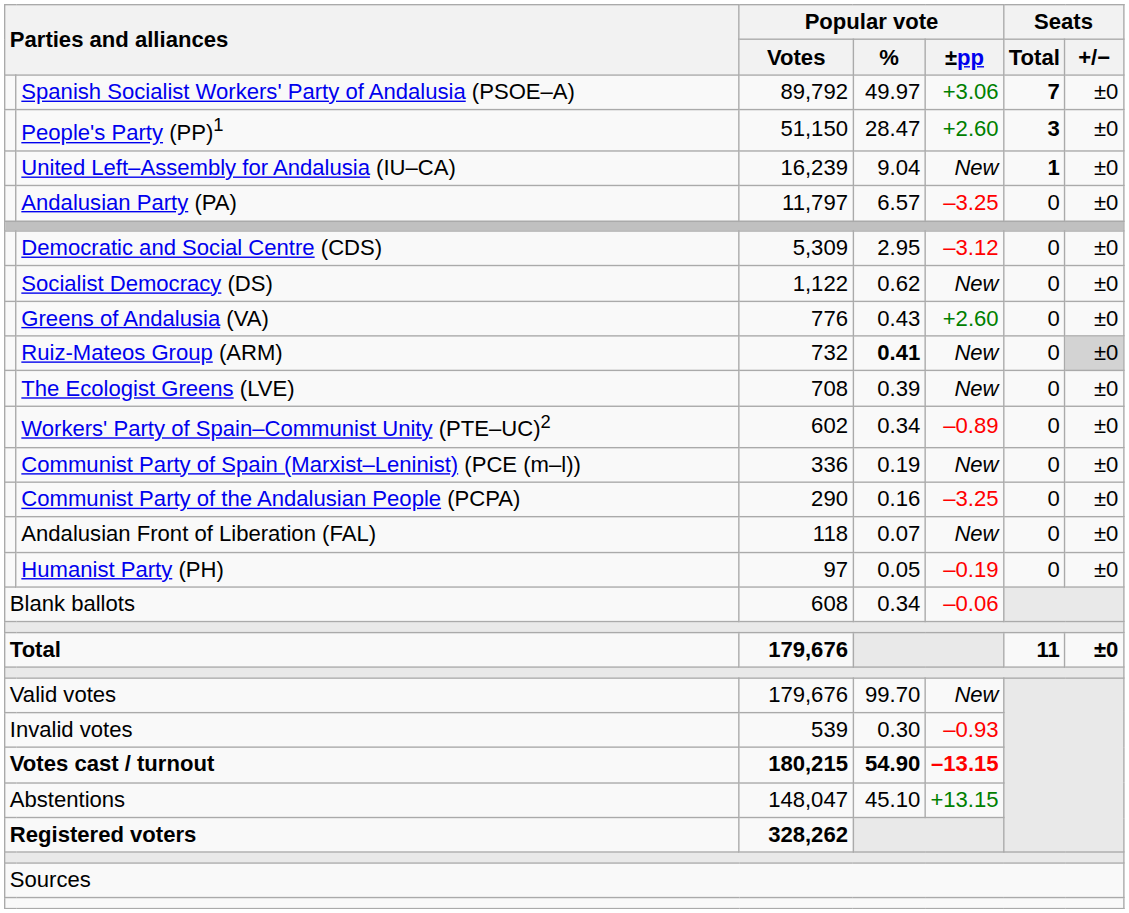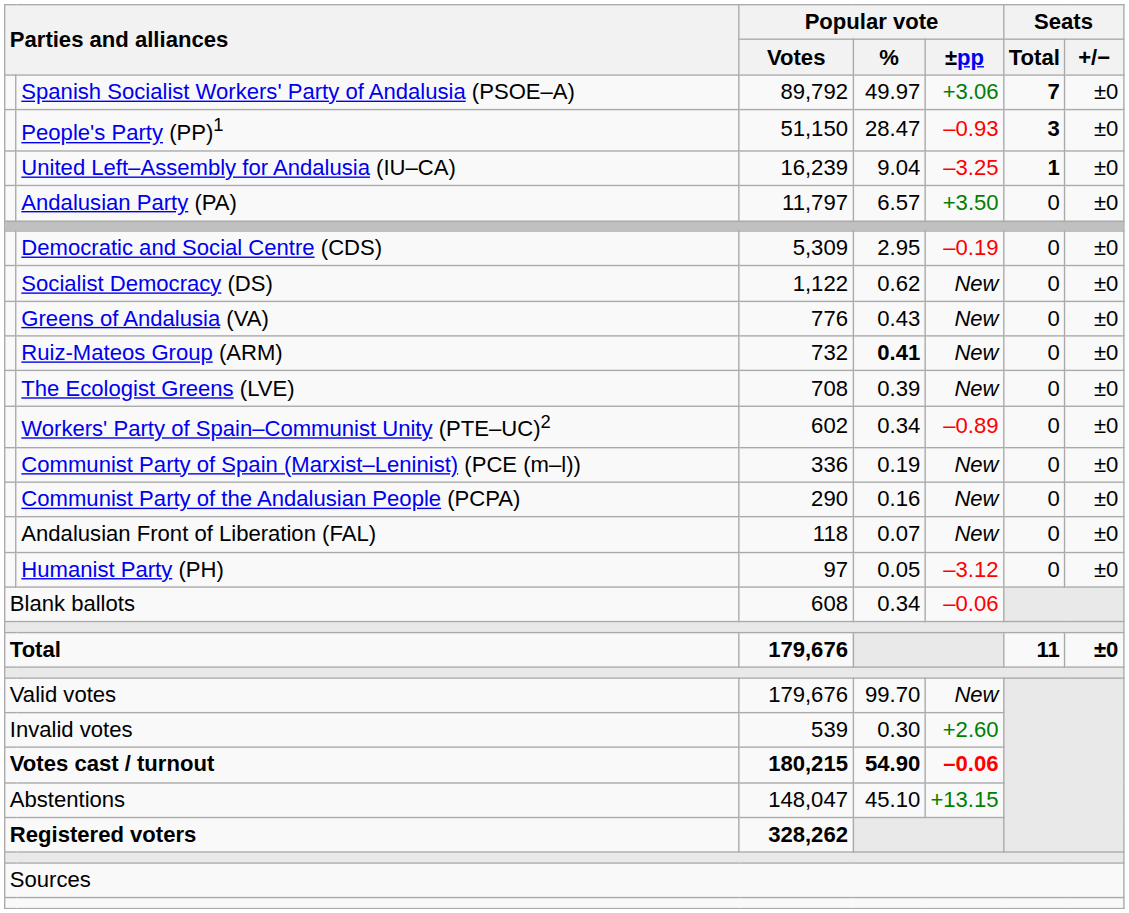 <table class="wikitable" style="text-align:right;">
 <tr>
 <th style="text-align:left;" rowspan="2" colspan="2" width="525">Parties and alliances</th>
 <th colspan="3">Popular vote</th>
 <th colspan="2">Seats</th>
 </tr>
 <tr>
 <th width="75">Votes</th>
 <th width="45">%</th>
 <th width="45">±<a href='#'>pp</a></th>
 <th width="35">Total</th>
 <th width="35">+/−</th>
 </tr>
 <tr>
 <td width="1" style="color:inherit;background:"></td>
 <td align="left"><a href='#'>Spanish Socialist Workers' Party of Andalusia</a> (PSOE–A)</td>
 <td>89,792</td>
 <td>49.97</td>
 <td style="color:green;">+3.06</td>
 <td><strong>7</strong></td>
 <td>±0</td>
 </tr>
 <tr>
 <td style="color:inherit;background:"></td>
 <td align="left"><a href='#'>People's Party</a> (PP)<sup>1</sup></td>
 <td>51,150</td>
 <td>28.47</td>
-<td style="color:green;">+2.60</td>
+<td style="color:red;">–0.93</td>
 <td><strong>3</strong></td>
 <td>±0</td>
 </tr>
 <tr>
 <td style="color:inherit;background:"></td>
 <td align="left"><a href='#'>United Left–Assembly for Andalusia</a> (IU–CA)</td>
 <td>16,239</td>
 <td>9.04</td>
-<td><em>New</em></td>
+<td style="color:red;">–3.25</td>
 <td><strong>1</strong></td>
 <td>±0</td>
 </tr>
 <tr>
 <td style="color:inherit;background:"></td>
 <td align="left"><a href='#'>Andalusian Party</a> (PA)</td>
 <td>11,797</td>
 <td>6.57</td>
-<td style="color:red;">–3.25</td>
+<td style="color:green;">+3.50</td>
 <td>0</td>
 <td>±0</td>
 </tr>
 <tr>
 <td colspan="7" bgcolor="#C0C0C0"></td>
 </tr>
 <tr>
 <td style="color:inherit;background:"></td>
 <td align="left"><a href='#'>Democratic and Social Centre</a> (CDS)</td>
 <td>5,309</td>
 <td>2.95</td>
-<td style="color:red;">–3.12</td>
+<td style="color:red;">–0.19</td>
 <td>0</td>
 <td>±0</td>
 </tr>
 <tr>
 <td style="color:inherit;background:"></td>
 <td align="left"><a href='#'>Socialist Democracy</a> (DS)</td>
 <td>1,122</td>
 <td>0.62</td>
 <td><em>New</em></td>
 <td>0</td>
 <td>±0</td>
 </tr>
 <tr>
 <td style="color:inherit;background:"></td>
 <td align="left"><a href='#'>Greens of Andalusia</a> (VA)</td>
 <td>776</td>
 <td>0.43</td>
-<td style="color:green;">+2.60</td>
+<td><em>New</em></td>
 <td>0</td>
 <td>±0</td>
 </tr>
 <tr>
 <td style="color:inherit;background:"></td>
 <td align="left"><a href='#'>Ruiz-Mateos Group</a> (ARM)</td>
 <td>732</td>
 <td><strong>0.41</strong></td>
 <td><em>New</em></td>
 <td>0</td>
-<td style="background: lightgrey;">±0</td>
+<td>±0</td>
 </tr>
 <tr>
 <td style="color:inherit;background:"></td>
 <td align="left"><a href='#'>The Ecologist Greens</a> (LVE)</td>
 <td>708</td>
 <td>0.39</td>
 <td><em>New</em></td>
 <td>0</td>
 <td>±0</td>
 </tr>
 <tr>
 <td style="color:inherit;background:"></td>
 <td align="left"><a href='#'>Workers' Party of Spain–Communist Unity</a> (PTE–UC)<sup>2</sup></td>
 <td>602</td>
 <td>0.34</td>
 <td style="color:red;">–0.89</td>
 <td>0</td>
 <td>±0</td>
 </tr>
 <tr>
 <td style="color:inherit;background:"></td>
 <td align="left"><a href='#'>Communist Party of Spain (Marxist–Leninist)</a> (PCE (m–l))</td>
 <td>336</td>
 <td>0.19</td>
 <td><em>New</em></td>
 <td>0</td>
 <td>±0</td>
 </tr>
 <tr>
 <td style="color:inherit;background:"></td>
 <td align="left"><a href='#'>Communist Party of the Andalusian People</a> (PCPA)</td>
 <td>290</td>
 <td>0.16</td>
-<td style="color:red;">–3.25</td>
+<td><em>New</em></td>
 <td>0</td>
 <td>±0</td>
 </tr>
 <tr>
 <td style="color:inherit;background:"></td>
 <td align="left">Andalusian Front of Liberation (FAL)</td>
 <td>118</td>
 <td>0.07</td>
 <td><em>New</em></td>
 <td>0</td>
 <td>±0</td>
 </tr>
 <tr>
 <td style="color:inherit;background:"></td>
 <td align="left"><a href='#'>Humanist Party</a> (PH)</td>
 <td>97</td>
 <td>0.05</td>
-<td style="color:red;">–0.19</td>
+<td style="color:red;">–3.12</td>
 <td>0</td>
 <td>±0</td>
 </tr>
 <tr>
 <td align="left" colspan="2">Blank ballots</td>
 <td>608</td>
 <td>0.34</td>
 <td style="color:red;">–0.06</td>
 <td bgcolor="#E9E9E9" colspan="2"></td>
 </tr>
 <tr>
 <td colspan="7" bgcolor="#E9E9E9"></td>
 </tr>
 <tr style="font-weight:bold;">
 <td align="left" colspan="2">Total</td>
 <td>179,676</td>
 <td bgcolor="#E9E9E9" colspan="2"></td>
 <td>11</td>
 <td>±0</td>
 </tr>
 <tr>
 <td colspan="7" bgcolor="#E9E9E9"></td>
 </tr>
 <tr>
 <td align="left" colspan="2">Valid votes</td>
 <td>179,676</td>
 <td>99.70</td>
 <td><em>New</em></td>
 <td bgcolor="#E9E9E9" colspan="2" rowspan="5"></td>
 </tr>
 <tr>
 <td align="left" colspan="2">Invalid votes</td>
 <td>539</td>
 <td>0.30</td>
-<td style="color:red;">–0.93</td>
+<td style="color:green;">+2.60</td>
 </tr>
 <tr style="font-weight:bold;">
 <td align="left" colspan="2">Votes cast / turnout</td>
 <td>180,215</td>
 <td>54.90</td>
-<td style="color:red;">–13.15</td>
+<td style="color:red;">–0.06</td>
 </tr>
 <tr>
 <td align="left" colspan="2">Abstentions</td>
 <td>148,047</td>
 <td>45.10</td>
 <td style="color:green;">+13.15</td>
 </tr>
 <tr style="font-weight:bold;">
 <td align="left" colspan="2">Registered voters</td>
 <td>328,262</td>
 <td bgcolor="#E9E9E9" colspan="2"></td>
 </tr>
 <tr>
 <td colspan="7" bgcolor="#E9E9E9"></td>
 </tr>
 <tr>
 <td align="left" colspan="7">Sources</td>
 </tr>
 <tr>
 <td colspan="7" style="text-align:left; max-width:790px;"></td>
 </tr>
 </table>
